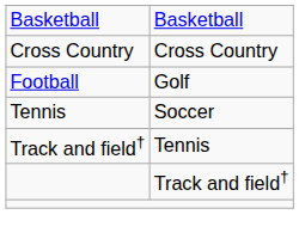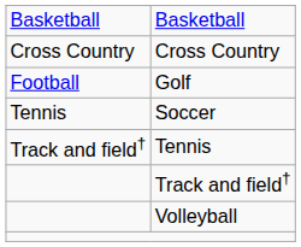 <table class="wikitable" style="float:right; clear:right; margin:0 0 1em 1em;">
 <tr>
 </tr>
 <tr>
 <td><a href='#'>Basketball</a></td>
 <td><a href='#'>Basketball</a></td>
 </tr>
 <tr>
 <td>Cross Country</td>
 <td>Cross Country</td>
 </tr>
 <tr>
 <td><a href='#'>Football</a></td>
 <td>Golf</td>
 </tr>
 <tr>
 <td>Tennis</td>
 <td>Soccer</td>
 </tr>
 <tr>
 <td>Track and field<sup>†</sup></td>
 <td>Tennis</td>
 </tr>
 <tr>
 <td></td>
 <td>Track and field<sup>†</sup></td>
 </tr>
 <tr>
+<td></td>
+<td>Volleyball</td>
+</tr>
+<tr>
 <td colspan="2"></td>
 </tr>
 </table>
